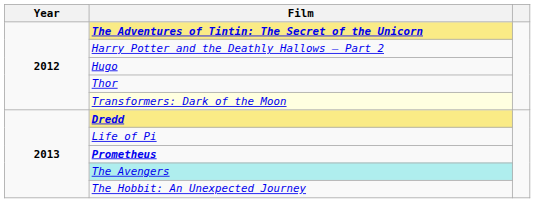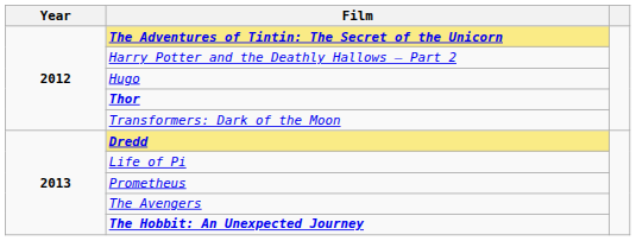 <table class="wikitable" width="40%">
 <tr>
 <th width="10%">Year</th>
 <th width="50%">Film</th>
 <th width="2%"></th>
 </tr>
 <tr>
 <td rowspan="5" style="text-align:center"><strong>2012<br> </strong></td>
 <td style="background:#FAEB86"><strong><em><a href='#'>The Adventures of Tintin: The Secret of the Unicorn</a></em></strong></td>
 <td rowspan="5" style="text-align:center"></td>
 </tr>
 <tr>
 <td><em><a href='#'>Harry Potter and the Deathly Hallows – Part 2</a></em></td>
 </tr>
 <tr>
 <td><em><a href='#'>Hugo</a></em></td>
 </tr>
 <tr>
-<td><em><a href='#'>Thor</a></em></td>
+<td><strong><em><a href='#'>Thor</a></em></strong></td>
 </tr>
 <tr>
-<td style="background: lightyellow;"><em><a href='#'>Transformers: Dark of the Moon</a></em></td>
+<td><em><a href='#'>Transformers: Dark of the Moon</a></em></td>
 </tr>
 <tr>
 <td rowspan="5" style="text-align:center"><strong>2013<br> </strong></td>
 <td style="background:#FAEB86"><strong><em><a href='#'>Dredd</a></em></strong></td>
 <td rowspan="5" style="text-align:center"></td>
 </tr>
 <tr>
 <td><em><a href='#'>Life of Pi</a></em></td>
 </tr>
 <tr>
-<td><strong><em><a href='#'>Prometheus</a></em></strong></td>
+<td><em><a href='#'>Prometheus</a></em></td>
 </tr>
 <tr>
-<td style="background: paleturquoise;"><em><a href='#'>The Avengers</a></em></td>
+<td><em><a href='#'>The Avengers</a></em></td>
 </tr>
 <tr>
-<td><em><a href='#'>The Hobbit: An Unexpected Journey</a></em></td>
+<td><strong><em><a href='#'>The Hobbit: An Unexpected Journey</a></em></strong></td>
 </tr>
 </table>
